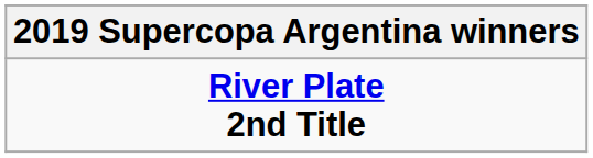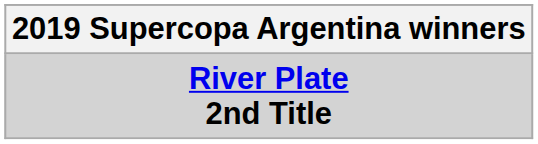 <table class="wikitable" style="text-align: center; margin: 0 auto;">
 <tr>
 <th>2019 Supercopa Argentina winners</th>
 </tr>
 <tr>
-<td><strong><a href='#'>River Plate</a></strong><br><strong>2nd Title</strong></td>
+<td style="background: lightgrey;"><strong><a href='#'>River Plate</a></strong><br><strong>2nd Title</strong></td>
 </tr>
 </table>
